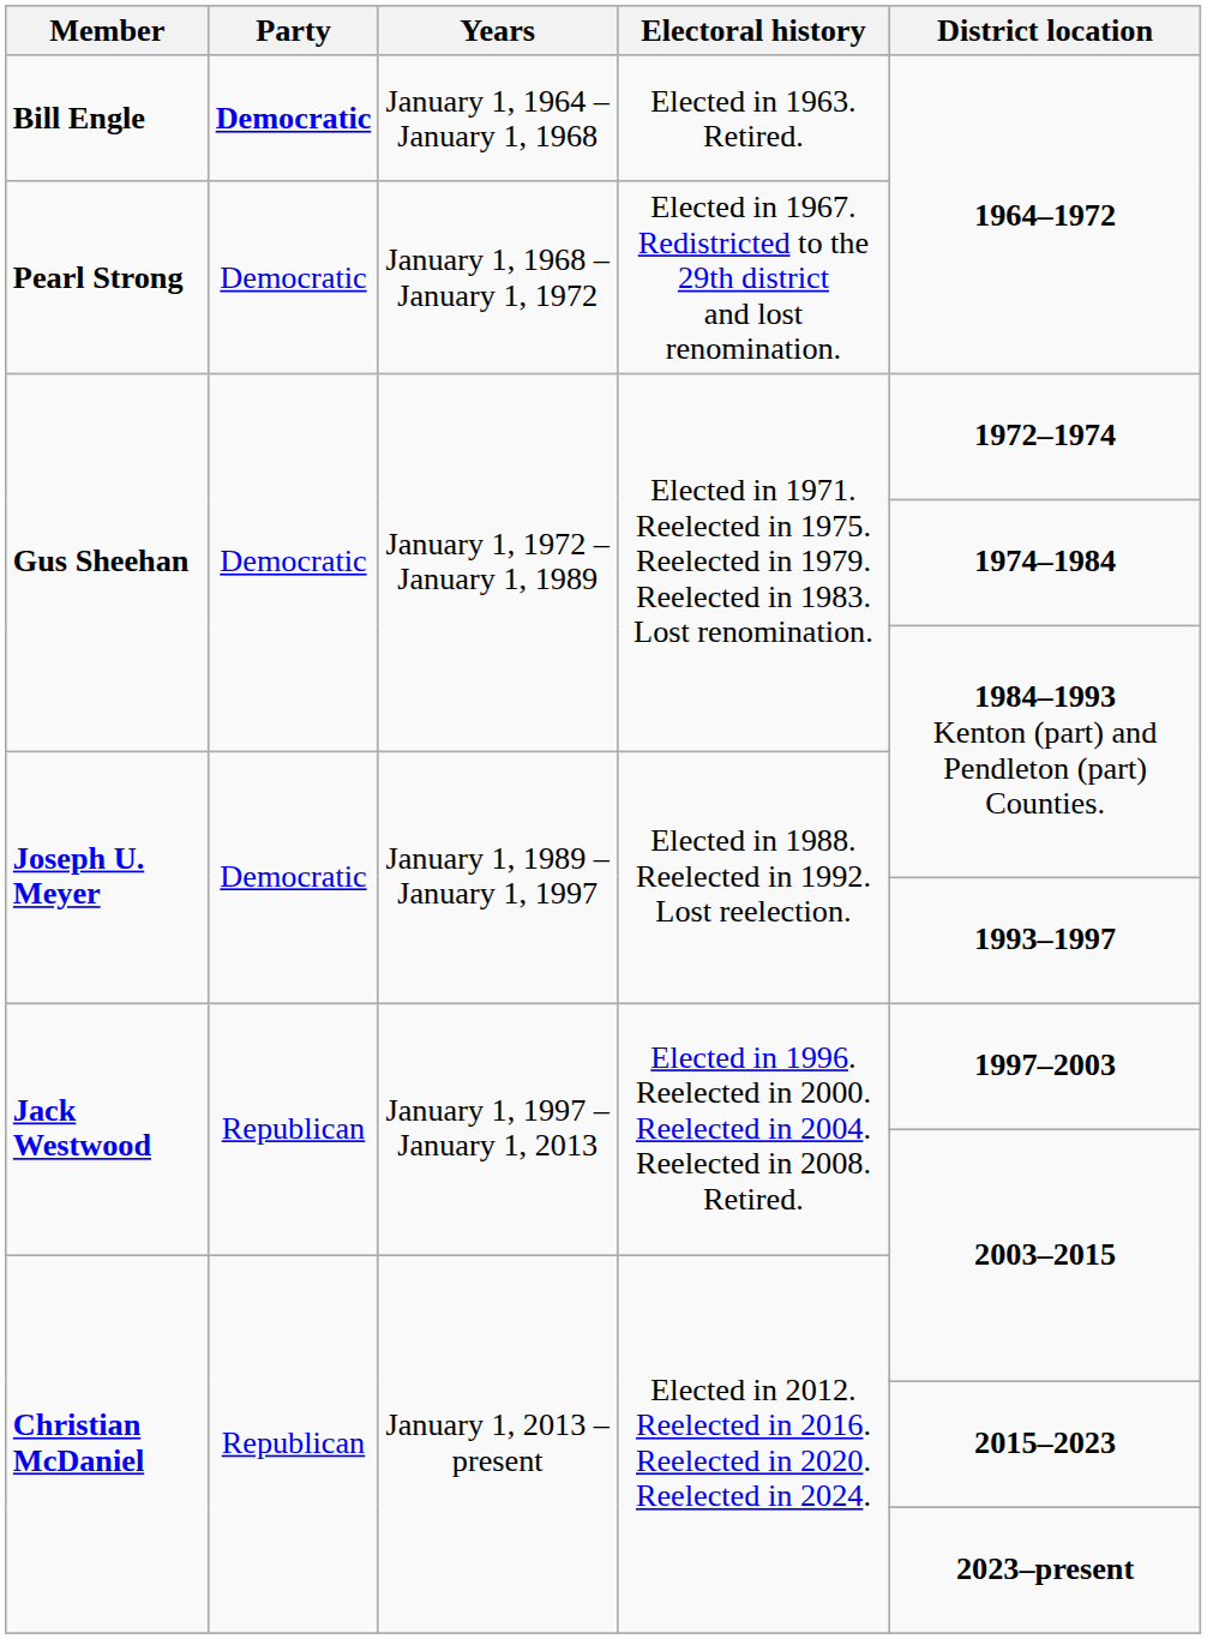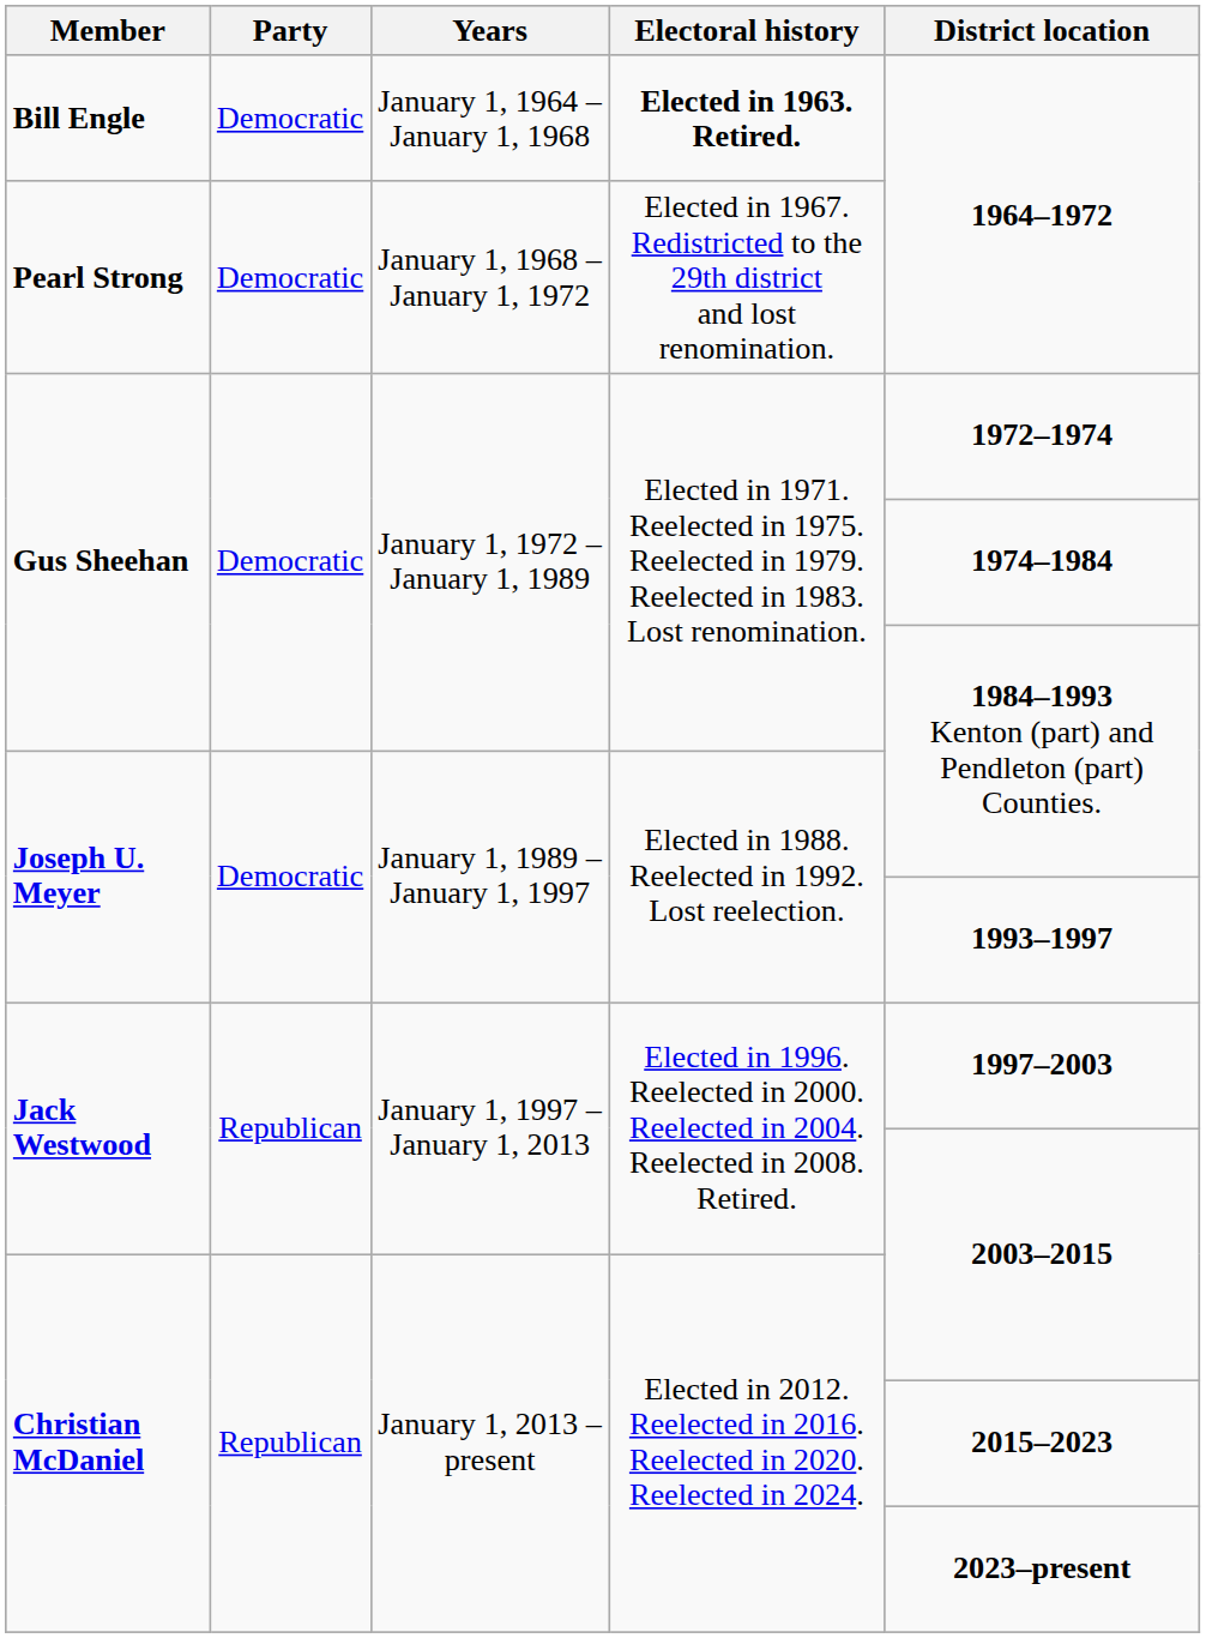 <table class=wikitable style="text-align:center">
 <tr>
 <th>Member</th>
 <th>Party</th>
 <th>Years</th>
 <th>Electoral history</th>
 <th>District location</th>
 </tr>
 <tr style="height:4em">
 <td align=left><strong>Bill Engle</strong><br></td>
-<td><strong><a href='#'>Democratic</a></strong></td>
+<td><a href='#'>Democratic</a></td>
 <td nowrap>January 1, 1964 –<br>January 1, 1968</td>
-<td>Elected in 1963.<br>Retired.</td>
+<td><strong>Elected in 1963.<br>Retired.</strong></td>
 <td rowspan=2><strong>1964–1972</strong><br></td>
 </tr>
 <tr style="height:4em">
 <td align=left><strong>Pearl Strong</strong><br></td>
 <td><a href='#'>Democratic</a></td>
 <td nowrap>January 1, 1968 –<br>January 1, 1972</td>
 <td>Elected in 1967.<br><a href='#'>Redistricted</a> to the <a href='#'>29th district</a><br>and lost renomination.</td>
 </tr>
 <tr style="height:4em">
 <td rowspan=3 align=left><strong>Gus Sheehan</strong><br></td>
 <td rowspan=3 ><a href='#'>Democratic</a></td>
 <td rowspan=3 nowrap>January 1, 1972 –<br>January 1, 1989</td>
 <td rowspan=3>Elected in 1971.<br>Reelected in 1975.<br>Reelected in 1979.<br>Reelected in 1983.<br>Lost renomination.</td>
 <td><strong>1972–1974</strong><br></td>
 </tr>
 <tr style="height:4em">
 <td><strong>1974–1984</strong><br></td>
 </tr>
 <tr style="height:4em">
 <td rowspan=2><strong>1984–1993</strong><br>Kenton (part) and Pendleton (part) Counties.</td>
 </tr>
 <tr style="height:4em">
 <td rowspan=2 align=left><strong><a href='#'>Joseph U. Meyer</a></strong><br></td>
 <td rowspan=2 ><a href='#'>Democratic</a></td>
 <td rowspan=2 nowrap>January 1, 1989 –<br>January 1, 1997</td>
 <td rowspan=2>Elected in 1988.<br>Reelected in 1992.<br>Lost reelection.</td>
 </tr>
 <tr style="height:4em">
 <td><strong>1993–1997</strong><br></td>
 </tr>
 <tr style="height:4em">
 <td rowspan=2 align=left><strong><a href='#'>Jack Westwood</a></strong><br></td>
 <td rowspan=2 ><a href='#'>Republican</a></td>
 <td rowspan=2 nowrap>January 1, 1997 –<br>January 1, 2013</td>
 <td rowspan=2><a href='#'>Elected in 1996</a>.<br>Reelected in 2000.<br><a href='#'>Reelected in 2004</a>.<br>Reelected in 2008.<br>Retired.</td>
 <td><strong>1997–2003</strong><br></td>
 </tr>
 <tr style="height:4em">
 <td rowspan=2><strong>2003–2015</strong><br></td>
 </tr>
 <tr style="height:4em">
 <td rowspan=3 align=left><strong><a href='#'>Christian McDaniel</a></strong><br></td>
 <td rowspan=3 ><a href='#'>Republican</a></td>
 <td rowspan=3 nowrap>January 1, 2013 –<br>present</td>
 <td rowspan=3>Elected in 2012.<br><a href='#'>Reelected in 2016</a>.<br><a href='#'>Reelected in 2020</a>.<br><a href='#'>Reelected in 2024</a>.</td>
 </tr>
 <tr style="height:4em">
 <td><strong>2015–2023</strong><br></td>
 </tr>
 <tr style="height:4em">
 <td><strong>2023–present</strong><br></td>
 </tr>
 </table>
